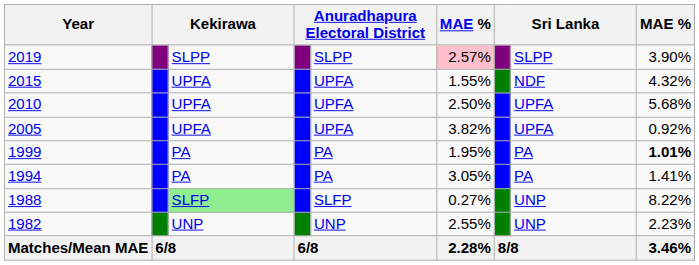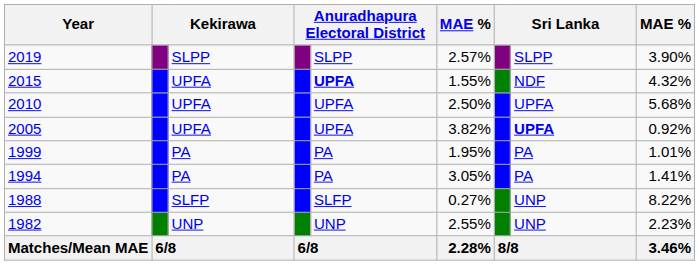 <table class="wikitable">
 <tr>
 <th>Year</th>
 <th colspan="2" width="144px">Kekirawa</th>
 <th colspan="2" width="144px"><a href='#'>Anuradhapura Electoral District</a></th>
 <th><a href='#'>MAE</a> %</th>
 <th colspan="2" width="144px">Sri Lanka</th>
 <th>MAE %</th>
 </tr>
 <tr>
 <td><a href='#'>2019</a></td>
 <td style="background-color:purple;" width="10px"></td>
 <td style="text-align:left;"><a href='#'>SLPP</a></td>
 <td style="background-color:purple;" width="10px"></td>
 <td style="text-align:left;"><a href='#'>SLPP</a></td>
-<td style="background: pink; text-align:right;">2.57%</td>
+<td style="text-align:right;">2.57%</td>
 <td style="background-color:purple;" width="10px"></td>
 <td style="text-align:left;"><a href='#'>SLPP</a></td>
 <td style="text-align:right;">3.90%</td>
 </tr>
 <tr>
 <td><a href='#'>2015</a></td>
 <td style="background-color:blue;" width="10px"></td>
 <td style="text-align:left;"><a href='#'>UPFA</a></td>
 <td style="background-color:blue;" width="10px"></td>
-<td style="text-align:left;"><a href='#'>UPFA</a></td>
+<td style="text-align:left;"><strong><a href='#'>UPFA</a></strong></td>
 <td style="text-align:right;">1.55%</td>
 <td style="background-color:green;" width="10px"></td>
 <td style="text-align:left;"><a href='#'>NDF</a></td>
 <td style="text-align:right;">4.32%</td>
 </tr>
 <tr>
 <td><a href='#'>2010</a></td>
 <td style="background-color:blue;" width="10px"></td>
 <td style="text-align:left;"><a href='#'>UPFA</a></td>
 <td style="background-color:blue;" width="10px"></td>
 <td style="text-align:left;"><a href='#'>UPFA</a></td>
 <td style="text-align:right;">2.50%</td>
 <td style="background-color:blue;" width="10px"></td>
 <td style="text-align:left;"><a href='#'>UPFA</a></td>
 <td style="text-align:right;">5.68%</td>
 </tr>
 <tr>
 <td><a href='#'>2005</a></td>
 <td style="background-color:blue;" width="10px"></td>
 <td style="text-align:left;"><a href='#'>UPFA</a></td>
 <td style="background-color:blue;" width="10px"></td>
 <td style="text-align:left;"><a href='#'>UPFA</a></td>
 <td style="text-align:right;">3.82%</td>
 <td style="background-color:blue;" width="10px"></td>
-<td style="text-align:left;"><a href='#'>UPFA</a></td>
+<td style="text-align:left;"><strong><a href='#'>UPFA</a></strong></td>
 <td style="text-align:right;">0.92%</td>
 </tr>
 <tr>
 <td><a href='#'>1999</a></td>
 <td style="background-color:blue;" width="10px"></td>
 <td style="text-align:left;"><a href='#'>PA</a></td>
 <td style="background-color:blue;" width="10px"></td>
 <td style="text-align:left;"><a href='#'>PA</a></td>
 <td style="text-align:right;">1.95%</td>
 <td style="background-color:blue;" width="10px"></td>
 <td style="text-align:left;"><a href='#'>PA</a></td>
-<td style="text-align:right;"><strong>1.01%</strong></td>
+<td style="text-align:right;">1.01%</td>
 </tr>
 <tr>
 <td><a href='#'>1994</a></td>
 <td style="background-color:blue;" width="10px"></td>
 <td style="text-align:left;"><a href='#'>PA</a></td>
 <td style="background-color:blue;" width="10px"></td>
 <td style="text-align:left;"><a href='#'>PA</a></td>
 <td style="text-align:right;">3.05%</td>
 <td style="background-color:blue;" width="10px"></td>
 <td style="text-align:left;"><a href='#'>PA</a></td>
 <td style="text-align:right;">1.41%</td>
 </tr>
 <tr>
 <td><a href='#'>1988</a></td>
 <td style="background-color:blue;" width="10px"></td>
-<td style="background: lightgreen; text-align:left;"><a href='#'>SLFP</a></td>
+<td style="text-align:left;"><a href='#'>SLFP</a></td>
 <td style="background-color:blue;" width="10px"></td>
 <td style="text-align:left;"><a href='#'>SLFP</a></td>
 <td style="text-align:right;">0.27%</td>
 <td style="background-color:green;" width="10px"></td>
 <td style="text-align:left;"><a href='#'>UNP</a></td>
 <td style="text-align:right;">8.22%</td>
 </tr>
 <tr>
 <td><a href='#'>1982</a></td>
 <td style="background-color:green;" width="10px"></td>
 <td style="text-align:left;"><a href='#'>UNP</a></td>
 <td style="background-color:green;" width="10px"></td>
 <td style="text-align:left;"><a href='#'>UNP</a></td>
 <td style="text-align:right;">2.55%</td>
 <td style="background-color:green;" width="10px"></td>
 <td style="text-align:left;"><a href='#'>UNP</a></td>
 <td style="text-align:right;">2.23%</td>
 </tr>
 <tr>
 <th>Matches/Mean MAE</th>
 <th style="text-align:left;"colspan="2" width="144px">6/8</th>
 <th style="text-align:left;"colspan="2" width="144px">6/8</th>
 <th style="text-align:right;">2.28%</th>
 <th style="text-align:left;"colspan="2" width="144px">8/8</th>
 <th style="text-align:right;">3.46%</th>
 </tr>
 </table>
